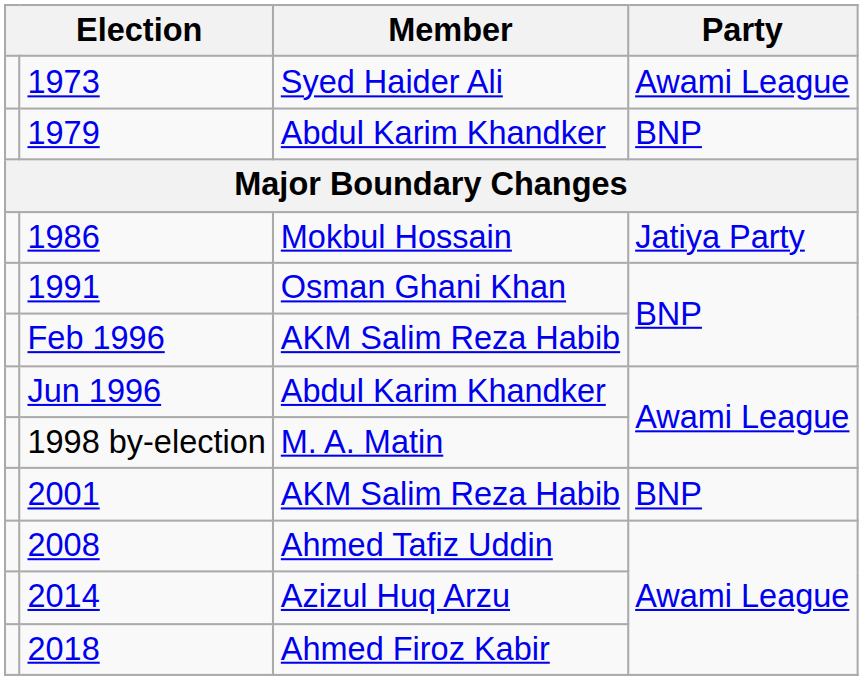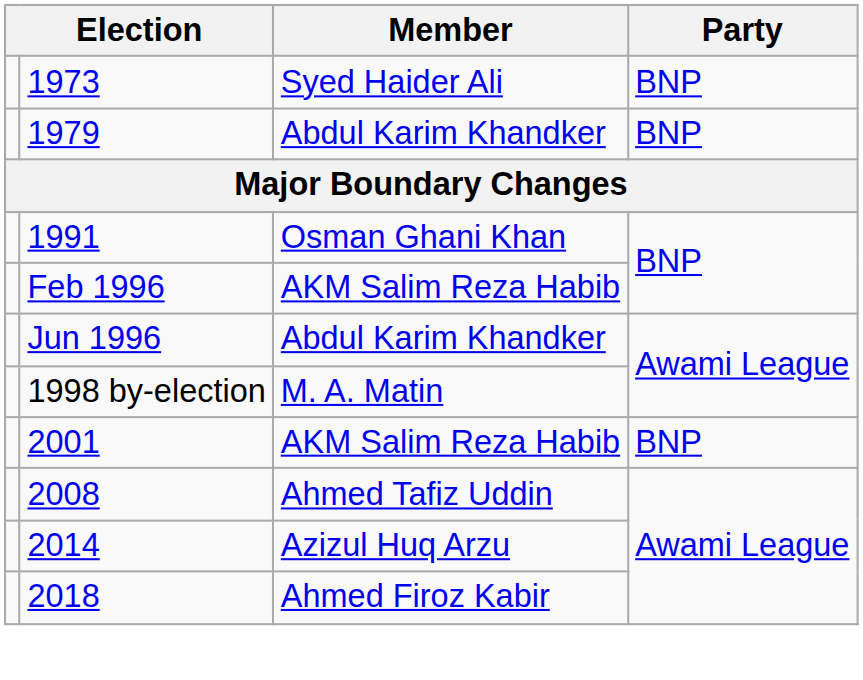 <table class="wikitable">
 <tr>
 <th colspan="2">Election</th>
 <th>Member</th>
 <th>Party</th>
 </tr>
 <tr>
 <td style="background-color:"></td>
 <td><a href='#'>1973</a></td>
 <td><a href='#'>Syed Haider Ali</a></td>
-<td><a href='#'>Awami League</a></td>
+<td><a href='#'>BNP</a></td>
 </tr>
 <tr>
 <td style="background-color:"></td>
 <td><a href='#'>1979</a></td>
 <td><a href='#'>Abdul Karim Khandker</a></td>
 <td><a href='#'>BNP</a></td>
 </tr>
 <tr>
 <th colspan="4">Major Boundary Changes</th>
-</tr>
-<tr>
-<td style="background-color:"></td>
-<td><a href='#'>1986</a></td>
-<td><a href='#'>Mokbul Hossain</a></td>
-<td><a href='#'>Jatiya Party</a></td>
 </tr>
 <tr>
 <td style="background-color:"></td>
 <td><a href='#'>1991</a></td>
 <td><a href='#'>Osman Ghani Khan</a></td>
 <td rowspan="2"><a href='#'>BNP</a></td>
 </tr>
 <tr>
 <td style="background-color:"></td>
 <td><a href='#'>Feb 1996</a></td>
 <td><a href='#'>AKM Salim Reza Habib</a></td>
 </tr>
 <tr>
 <td style="background-color:"></td>
 <td><a href='#'>Jun 1996</a></td>
 <td><a href='#'>Abdul Karim Khandker</a></td>
 <td rowspan="2"><a href='#'>Awami League</a></td>
 </tr>
 <tr>
 <td style="background-color:"></td>
 <td>1998 by-election</td>
 <td><a href='#'>M. A. Matin</a></td>
 </tr>
 <tr>
 <td style="background-color:"></td>
 <td><a href='#'>2001</a></td>
 <td><a href='#'>AKM Salim Reza Habib</a></td>
 <td><a href='#'>BNP</a></td>
 </tr>
 <tr>
 <td style="background-color:"></td>
 <td><a href='#'>2008</a></td>
 <td><a href='#'>Ahmed Tafiz Uddin</a></td>
 <td rowspan="3"><a href='#'>Awami League</a></td>
 </tr>
 <tr>
 <td style="background-color:"></td>
 <td><a href='#'>2014</a></td>
 <td><a href='#'>Azizul Huq Arzu</a></td>
 </tr>
 <tr>
 <td style="background-color:"></td>
 <td><a href='#'>2018</a></td>
 <td><a href='#'>Ahmed Firoz Kabir</a></td>
 </tr>
 </table>
